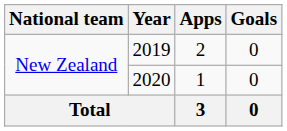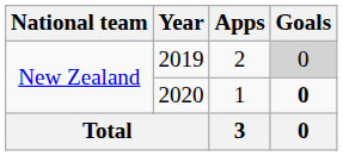 <table class="wikitable" style="text-align:center">
 <tr>
 <th>National team</th>
 <th>Year</th>
 <th>Apps</th>
 <th>Goals</th>
 </tr>
 <tr>
 <td rowspan="2"><a href='#'>New Zealand</a></td>
 <td>2019</td>
 <td>2</td>
-<td>0</td>
+<td style="background: lightgrey;">0</td>
 </tr>
 <tr>
 <td>2020</td>
 <td>1</td>
-<td>0</td>
+<td><strong>0</strong></td>
 </tr>
 <tr>
 <th colspan="2">Total</th>
 <th>3</th>
 <th>0</th>
 </tr>
 </table>
